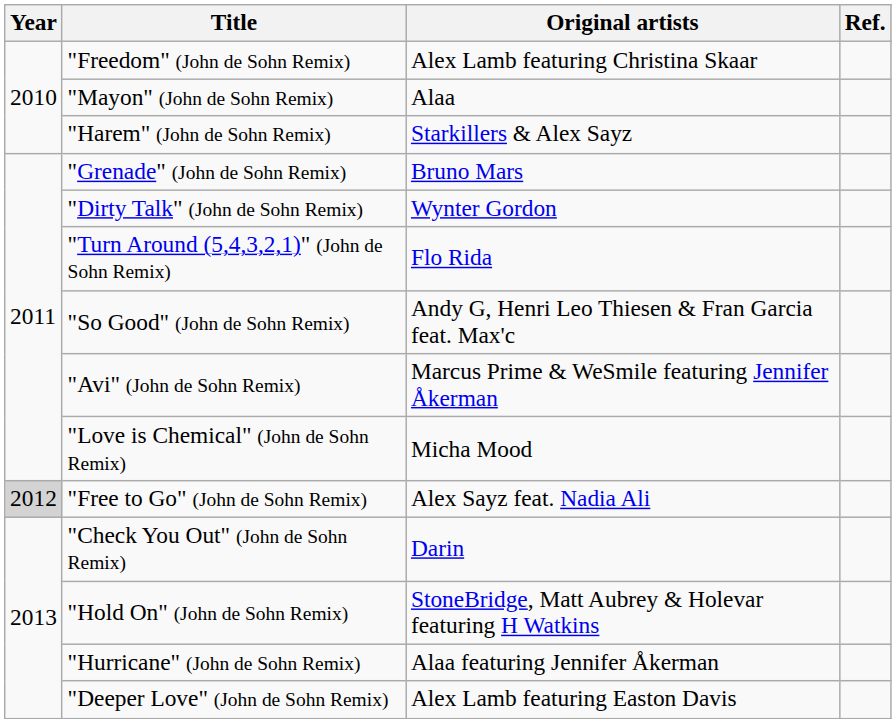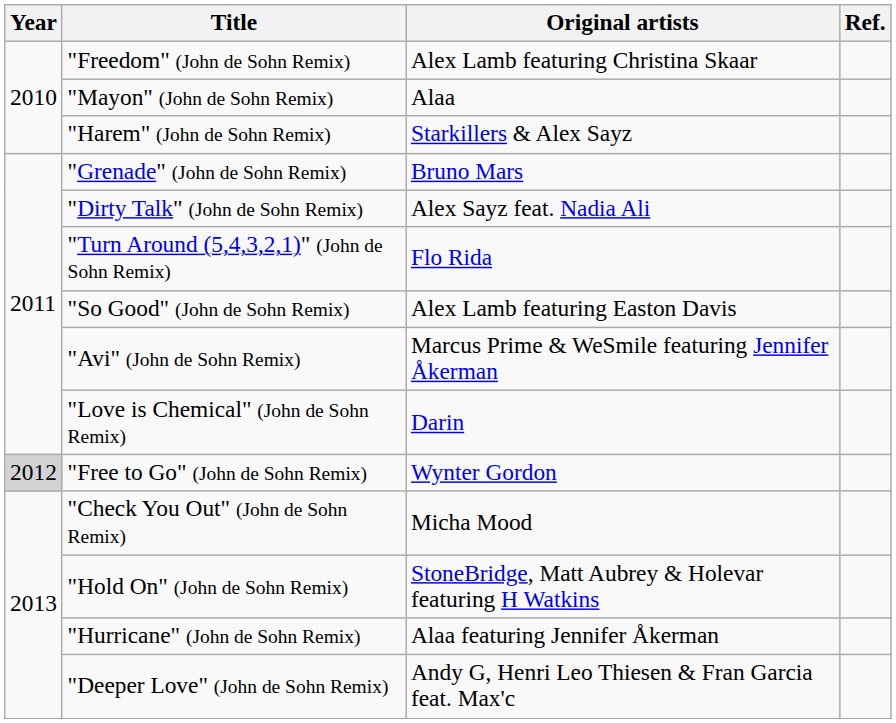 <table class="wikitable">
 <tr>
 <th>Year</th>
 <th>Title</th>
 <th>Original artists</th>
 <th>Ref.</th>
 </tr>
 <tr>
 <td rowspan="3">2010</td>
 <td>"Freedom" <small>(John de Sohn Remix)</small></td>
 <td>Alex Lamb featuring Christina Skaar</td>
 <td></td>
 </tr>
 <tr>
 <td>"Mayon" <small>(John de Sohn Remix)</small></td>
 <td>Alaa</td>
 <td></td>
 </tr>
 <tr>
 <td>"Harem" <small>(John de Sohn Remix)</small></td>
 <td><a href='#'>Starkillers</a> & Alex Sayz</td>
 <td></td>
 </tr>
 <tr>
 <td rowspan="6">2011</td>
 <td>"<a href='#'>Grenade</a>" <small>(John de Sohn Remix)</small></td>
 <td><a href='#'>Bruno Mars</a></td>
 <td></td>
 </tr>
 <tr>
 <td>"<a href='#'>Dirty Talk</a>" <small>(John de Sohn Remix)</small></td>
-<td><a href='#'>Wynter Gordon</a></td>
+<td>Alex Sayz feat. <a href='#'>Nadia Ali</a></td>
 <td></td>
 </tr>
 <tr>
 <td>"<a href='#'>Turn Around (5,4,3,2,1)</a>" <small>(John de Sohn Remix)</small></td>
 <td><a href='#'>Flo Rida</a></td>
 <td></td>
 </tr>
 <tr>
 <td>"So Good" <small>(John de Sohn Remix)</small></td>
-<td>Andy G, Henri Leo Thiesen & Fran Garcia feat. Max'c</td>
+<td>Alex Lamb featuring Easton Davis</td>
 <td></td>
 </tr>
 <tr>
 <td>"Avi" <small>(John de Sohn Remix)</small></td>
 <td>Marcus Prime & WeSmile featuring <a href='#'>Jennifer Åkerman</a></td>
 <td></td>
 </tr>
 <tr>
 <td>"Love is Chemical" <small>(John de Sohn Remix)</small></td>
-<td>Micha Mood</td>
+<td><a href='#'>Darin</a></td>
 <td></td>
 </tr>
 <tr>
 <td style="background: lightgrey;">2012</td>
 <td>"Free to Go" <small>(John de Sohn Remix)</small></td>
-<td>Alex Sayz feat. <a href='#'>Nadia Ali</a></td>
+<td><a href='#'>Wynter Gordon</a></td>
 <td></td>
 </tr>
 <tr>
 <td rowspan="4">2013</td>
 <td>"Check You Out" <small>(John de Sohn Remix)</small></td>
-<td><a href='#'>Darin</a></td>
+<td>Micha Mood</td>
 <td></td>
 </tr>
 <tr>
 <td>"Hold On" <small>(John de Sohn Remix)</small></td>
 <td><a href='#'>StoneBridge</a>, Matt Aubrey & Holevar featuring <a href='#'>H Watkins</a></td>
 <td></td>
 </tr>
 <tr>
 <td>"Hurricane" <small>(John de Sohn Remix)</small></td>
 <td>Alaa featuring Jennifer Åkerman</td>
 <td></td>
 </tr>
 <tr>
 <td>"Deeper Love" <small>(John de Sohn Remix)</small></td>
-<td>Alex Lamb featuring Easton Davis</td>
+<td>Andy G, Henri Leo Thiesen & Fran Garcia feat. Max'c</td>
 <td></td>
 </tr>
 </table>
